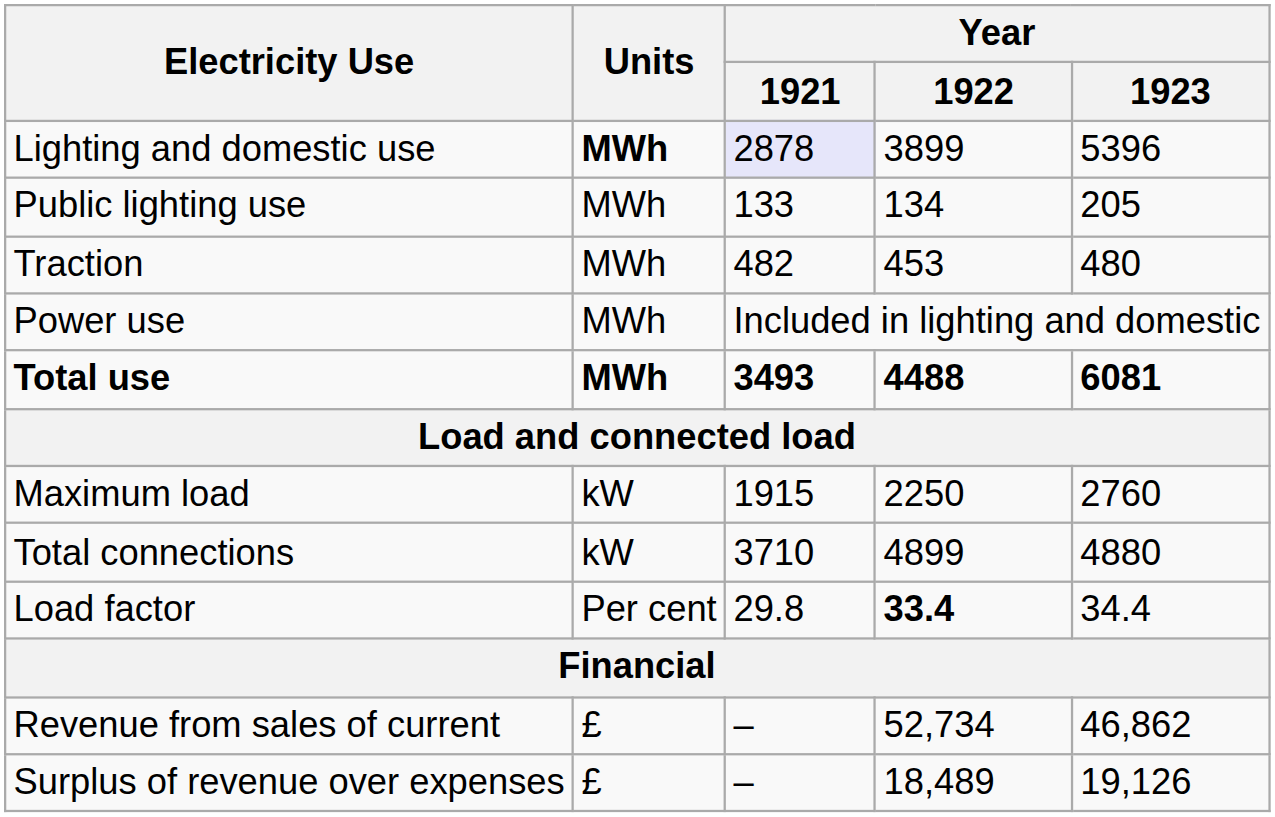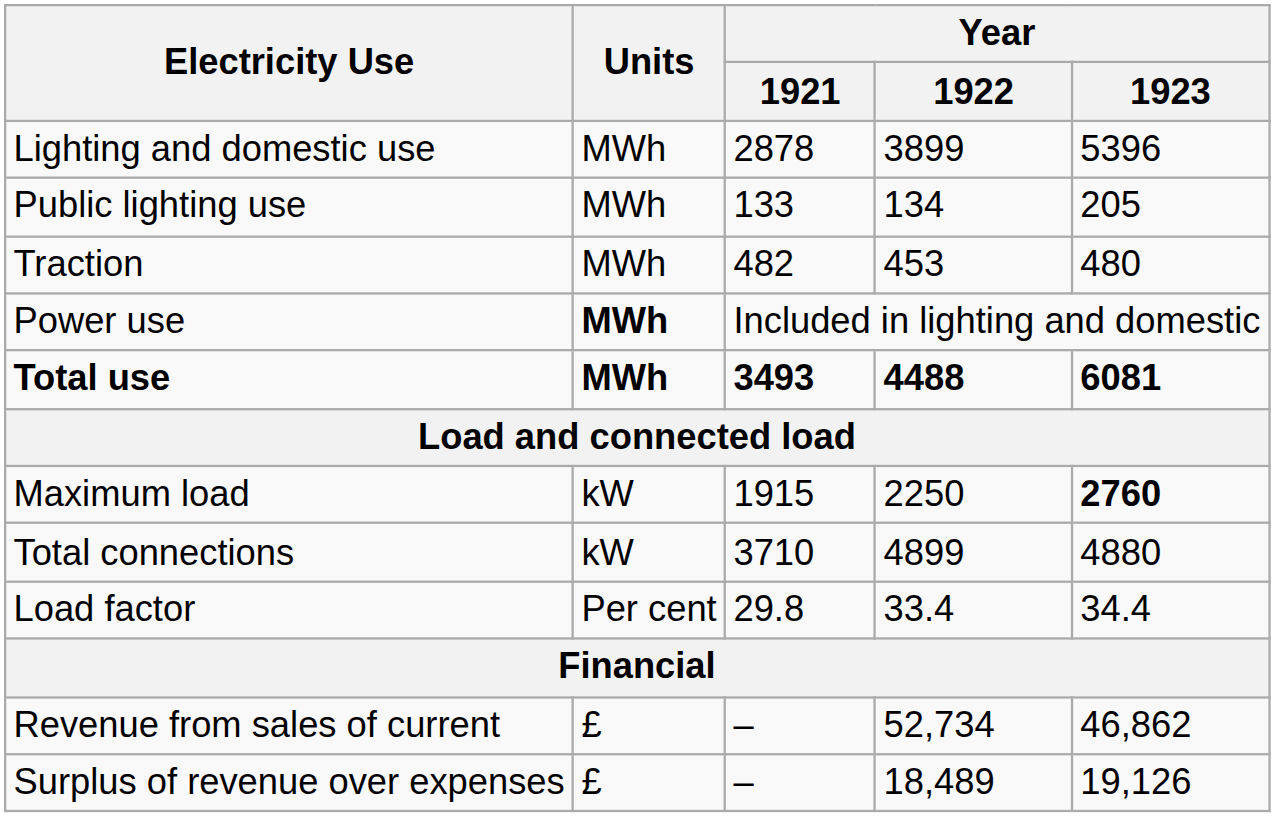 <table class="wikitable">
 <tr>
 <th rowspan="2">Electricity  Use</th>
 <th rowspan="2">Units</th>
 <th colspan="3">Year</th>
 </tr>
 <tr>
 <th>1921</th>
 <th>1922</th>
 <th>1923</th>
 </tr>
 <tr>
 <td>Lighting  and domestic use</td>
-<td><strong>MWh</strong></td>
-<td style="background: lavender;">2878</td>
+<td>MWh</td>
+<td>2878</td>
 <td>3899</td>
 <td>5396</td>
 </tr>
 <tr>
 <td>Public  lighting use</td>
 <td>MWh</td>
 <td>133</td>
 <td>134</td>
 <td>205</td>
 </tr>
 <tr>
 <td>Traction</td>
 <td>MWh</td>
 <td>482</td>
 <td>453</td>
 <td>480</td>
 </tr>
 <tr>
 <td>Power  use</td>
-<td>MWh</td>
+<td><strong>MWh</strong></td>
 <td colspan="3">Included  in lighting and domestic</td>
 </tr>
 <tr>
 <td><strong>Total  use</strong></td>
 <td><strong>MWh</strong></td>
 <td><strong>3493</strong></td>
 <td><strong>4488</strong></td>
 <td><strong>6081</strong></td>
 </tr>
 <tr>
 <th colspan="5">Load  and connected load</th>
 </tr>
 <tr>
 <td>Maximum  load</td>
 <td>kW</td>
 <td>1915</td>
 <td>2250</td>
-<td>2760</td>
+<td><strong>2760</strong></td>
 </tr>
 <tr>
 <td>Total  connections</td>
 <td>kW</td>
 <td>3710</td>
 <td>4899</td>
 <td>4880</td>
 </tr>
 <tr>
 <td>Load  factor</td>
 <td>Per  cent</td>
 <td>29.8</td>
-<td><strong>33.4</strong></td>
+<td>33.4</td>
 <td>34.4</td>
 </tr>
 <tr>
 <th colspan="5">Financial</th>
 </tr>
 <tr>
 <td>Revenue  from sales of current</td>
 <td>£</td>
 <td>–</td>
 <td>52,734</td>
 <td>46,862</td>
 </tr>
 <tr>
 <td>Surplus  of revenue over expenses</td>
 <td>£</td>
 <td>–</td>
 <td>18,489</td>
 <td>19,126</td>
 </tr>
 </table>
